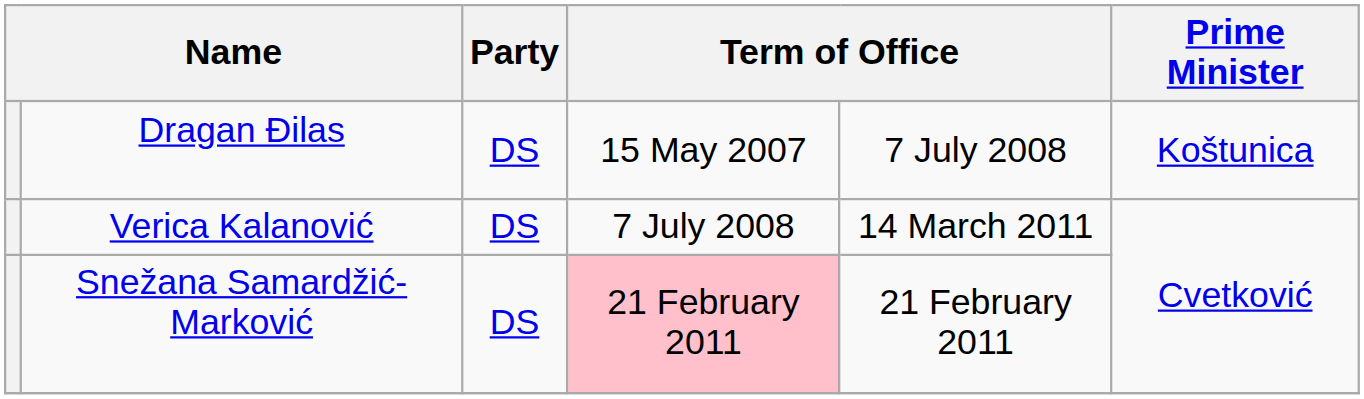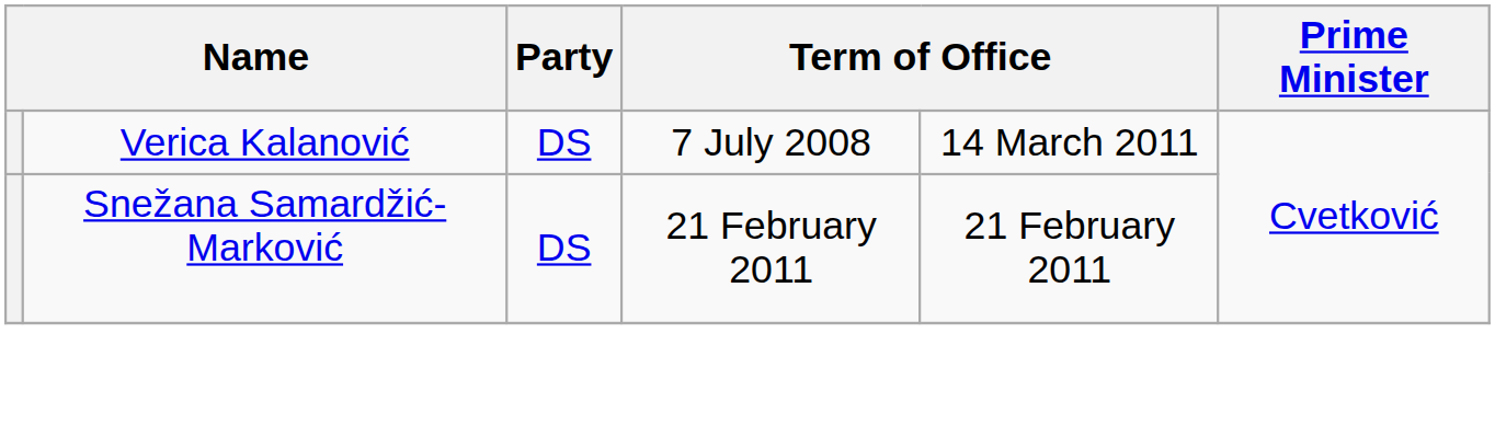 <table class="wikitable" style="text-align:center;">
 <tr>
 <th colspan=2>Name<br></th>
 <th>Party</th>
 <th colspan=2>Term of Office</th>
 <th><a href='#'>Prime Minister</a><br></th>
-</tr>
-<tr>
-<th style="background:"></th>
-<td><a href='#'>Dragan Đilas</a><br><br></td>
-<td><a href='#'>DS</a></td>
-<td>15 May 2007</td>
-<td>7 July 2008</td>
-<td><a href='#'>Koštunica</a> </td>
 </tr>
 <tr>
 <th style="background:"></th>
 <td><a href='#'>Verica Kalanović</a><br></td>
 <td><a href='#'>DS</a></td>
 <td>7 July 2008</td>
 <td>14 March 2011</td>
 <td rowspan=2><a href='#'>Cvetković</a> </td>
 </tr>
 <tr>
 <th style="background:"></th>
 <td><a href='#'>Snežana Samardžić-Marković</a><br><br></td>
 <td><a href='#'>DS</a></td>
-<td style="background: pink;">21 February 2011</td>
+<td>21 February 2011</td>
 <td>21 February 2011</td>
 </tr>
 <tr>
 </tr>
 </table>
